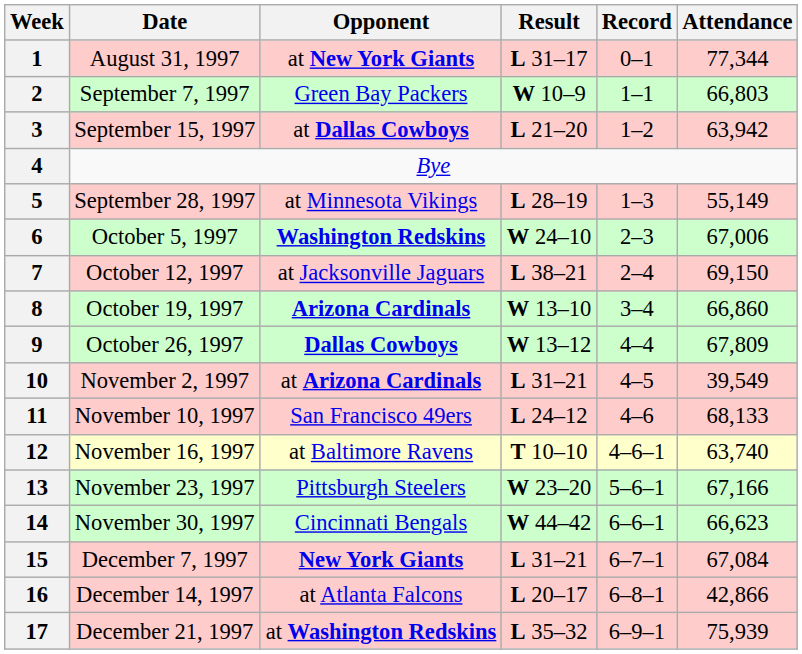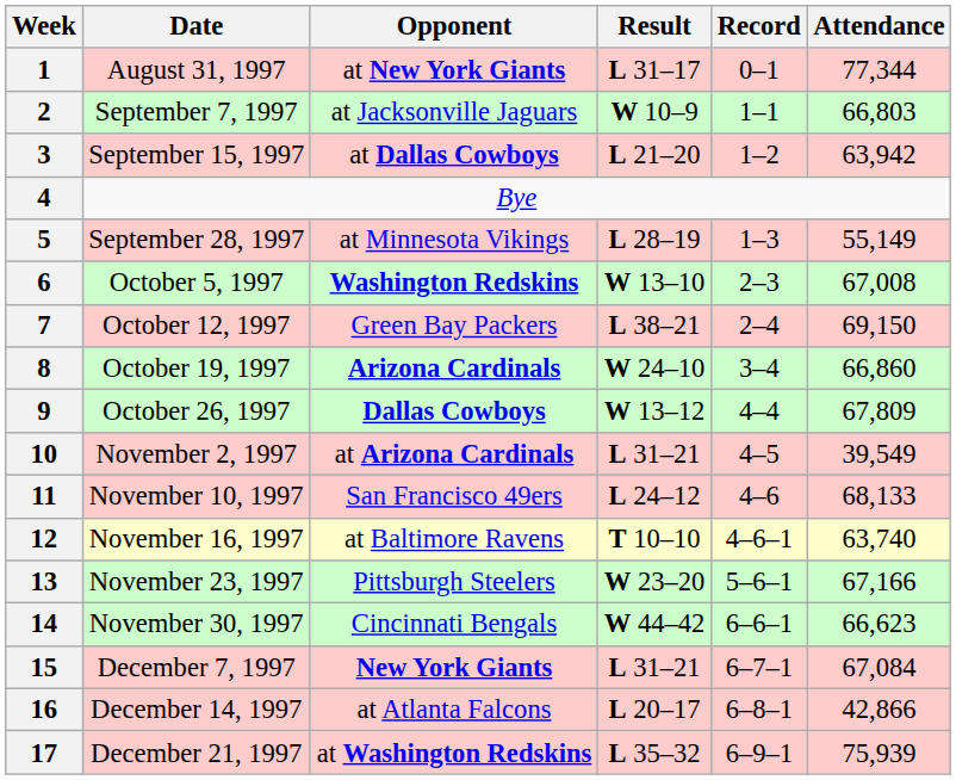 <table class="wikitable" style="text-align:center">
 <tr>
 <th>Week</th>
 <th>Date</th>
 <th>Opponent</th>
 <th>Result</th>
 <th>Record</th>
 <th>Attendance</th>
 </tr>
 <tr style="background: #fcc">
 <th>1</th>
 <td>August 31, 1997</td>
 <td>at <strong><a href='#'>New York Giants</a></strong></td>
 <td><strong>L</strong> 31–17</td>
 <td>0–1</td>
 <td>77,344</td>
 </tr>
 <tr style="background: #cfc">
 <th>2</th>
 <td>September 7, 1997</td>
-<td><a href='#'>Green Bay Packers</a></td>
+<td>at <a href='#'>Jacksonville Jaguars</a></td>
 <td><strong>W</strong> 10–9</td>
 <td>1–1</td>
 <td>66,803</td>
 </tr>
 <tr style="background: #fcc">
 <th>3</th>
 <td>September 15, 1997</td>
 <td>at <strong><a href='#'>Dallas Cowboys</a></strong></td>
 <td><strong>L</strong> 21–20</td>
 <td>1–2</td>
 <td>63,942</td>
 </tr>
 <tr>
 <th>4</th>
 <td colspan="5" style="text-align:center;"><em><a href='#'>Bye</a></em></td>
 </tr>
 <tr style="background: #fcc">
 <th>5</th>
 <td>September 28, 1997</td>
 <td>at <a href='#'>Minnesota Vikings</a></td>
 <td><strong>L</strong> 28–19</td>
 <td>1–3</td>
 <td>55,149</td>
 </tr>
 <tr style="background: #cfc">
 <th>6</th>
 <td>October 5, 1997</td>
 <td><strong><a href='#'>Washington Redskins</a></strong></td>
-<td><strong>W</strong> 24–10</td>
+<td><strong>W</strong> 13–10 </td>
 <td>2–3</td>
-<td>67,006</td>
+<td>67,008</td>
 </tr>
 <tr style="background: #fcc">
 <th>7</th>
 <td>October 12, 1997</td>
-<td>at <a href='#'>Jacksonville Jaguars</a></td>
+<td><a href='#'>Green Bay Packers</a></td>
 <td><strong>L</strong> 38–21</td>
 <td>2–4</td>
 <td>69,150</td>
 </tr>
 <tr style="background: #cfc">
 <th>8</th>
 <td>October 19, 1997</td>
 <td><strong><a href='#'>Arizona Cardinals</a></strong></td>
-<td><strong>W</strong> 13–10 </td>
+<td><strong>W</strong> 24–10</td>
 <td>3–4</td>
 <td>66,860</td>
 </tr>
 <tr style="background: #cfc">
 <th>9</th>
 <td>October 26, 1997</td>
 <td><strong><a href='#'>Dallas Cowboys</a></strong></td>
 <td><strong>W</strong> 13–12</td>
 <td>4–4</td>
 <td>67,809</td>
 </tr>
 <tr style="background: #fcc">
 <th>10</th>
 <td>November 2, 1997</td>
 <td>at <strong><a href='#'>Arizona Cardinals</a></strong></td>
 <td><strong>L</strong> 31–21</td>
 <td>4–5</td>
 <td>39,549</td>
 </tr>
 <tr style="background: #fcc">
 <th>11</th>
 <td>November 10, 1997</td>
 <td><a href='#'>San Francisco 49ers</a></td>
 <td><strong>L</strong> 24–12</td>
 <td>4–6</td>
 <td>68,133</td>
 </tr>
 <tr style="background: #ffc">
 <th>12</th>
 <td>November 16, 1997</td>
 <td>at <a href='#'>Baltimore Ravens</a></td>
 <td><strong>T</strong> 10–10 </td>
 <td>4–6–1</td>
 <td>63,740</td>
 </tr>
 <tr style="background: #cfc">
 <th>13</th>
 <td>November 23, 1997</td>
 <td><a href='#'>Pittsburgh Steelers</a></td>
 <td><strong>W</strong> 23–20</td>
 <td>5–6–1</td>
 <td>67,166</td>
 </tr>
 <tr style="background: #cfc">
 <th>14</th>
 <td>November 30, 1997</td>
 <td><a href='#'>Cincinnati Bengals</a></td>
 <td><strong>W</strong> 44–42</td>
 <td>6–6–1</td>
 <td>66,623</td>
 </tr>
 <tr style="background: #fcc">
 <th>15</th>
 <td>December 7, 1997</td>
 <td><strong><a href='#'>New York Giants</a></strong></td>
 <td><strong>L</strong> 31–21</td>
 <td>6–7–1</td>
 <td>67,084</td>
 </tr>
 <tr style="background: #fcc">
 <th>16</th>
 <td>December 14, 1997</td>
 <td>at <a href='#'>Atlanta Falcons</a></td>
 <td><strong>L</strong> 20–17</td>
 <td>6–8–1</td>
 <td>42,866</td>
 </tr>
 <tr style="background: #fcc">
 <th>17</th>
 <td>December 21, 1997</td>
 <td>at <strong><a href='#'>Washington Redskins</a></strong></td>
 <td><strong>L</strong> 35–32</td>
 <td>6–9–1</td>
 <td>75,939</td>
 </tr>
 </table>
